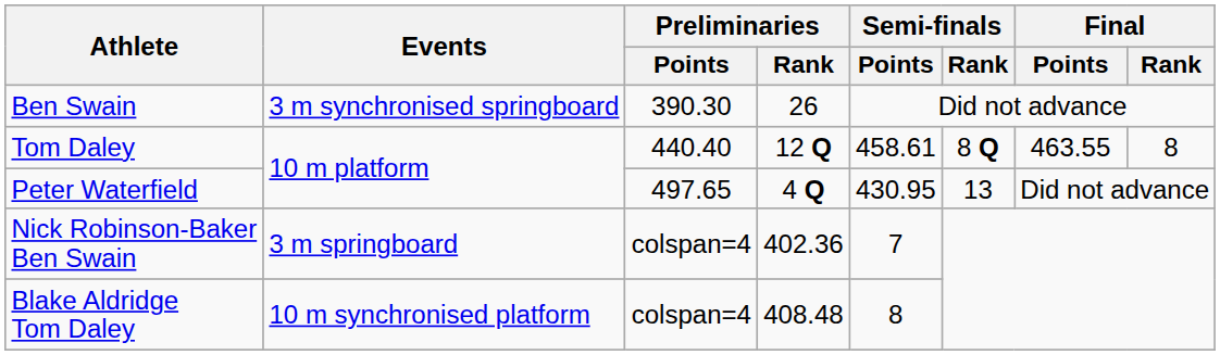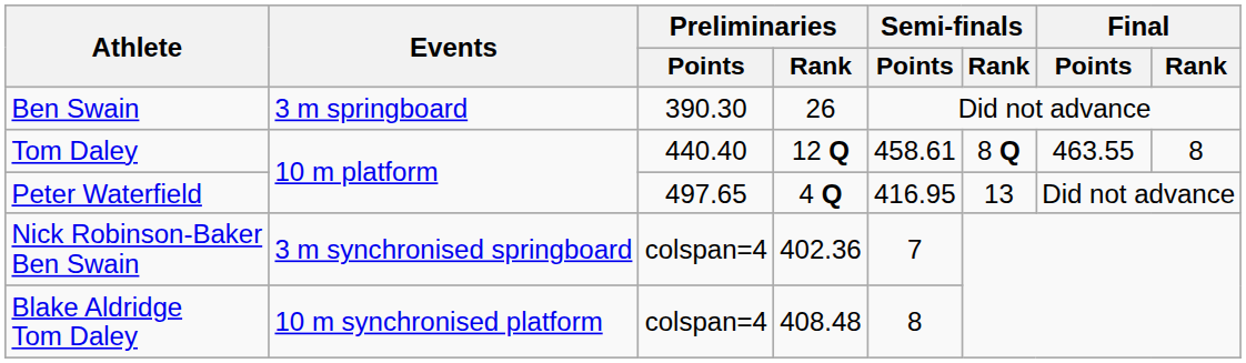 <table class=wikitable style="font-size:90%">
 <tr>
 <th rowspan="2">Athlete</th>
 <th rowspan="2">Events</th>
 <th colspan="2">Preliminaries</th>
 <th colspan="2">Semi-finals</th>
 <th colspan="2">Final</th>
 </tr>
 <tr style="font-size:95%">
 <th>Points</th>
 <th>Rank</th>
 <th>Points</th>
 <th>Rank</th>
 <th>Points</th>
 <th>Rank</th>
 </tr>
 <tr align=center>
 <td align=left><a href='#'>Ben Swain</a></td>
-<td align=left><a href='#'>3 m synchronised springboard</a></td>
+<td align=left><a href='#'>3 m springboard</a></td>
 <td>390.30</td>
 <td>26</td>
 <td colspan=4>Did not advance</td>
 </tr>
 <tr align=center>
 <td align=left><a href='#'>Tom Daley</a></td>
 <td align=left rowspan=2><a href='#'>10 m platform</a></td>
 <td>440.40</td>
 <td>12 <strong>Q</strong></td>
 <td>458.61</td>
 <td>8 <strong>Q</strong></td>
 <td>463.55</td>
 <td>8</td>
 </tr>
 <tr align=center>
 <td align=left><a href='#'>Peter Waterfield</a></td>
 <td>497.65</td>
 <td>4 <strong>Q</strong></td>
-<td>430.95</td>
+<td>416.95</td>
 <td>13</td>
 <td colspan=2>Did not advance</td>
 </tr>
 <tr align=center>
 <td align=left><a href='#'>Nick Robinson-Baker</a><br><a href='#'>Ben Swain</a></td>
-<td align=left><a href='#'>3 m springboard</a></td>
+<td align=left><a href='#'>3 m synchronised springboard</a></td>
 <td>colspan=4 </td>
 <td>402.36</td>
 <td>7</td>
 </tr>
 <tr align=center>
 <td align=left><a href='#'>Blake Aldridge</a><br><a href='#'>Tom Daley</a></td>
 <td align=left><a href='#'>10 m synchronised platform</a></td>
 <td>colspan=4 </td>
 <td>408.48</td>
 <td>8</td>
 </tr>
 </table>
